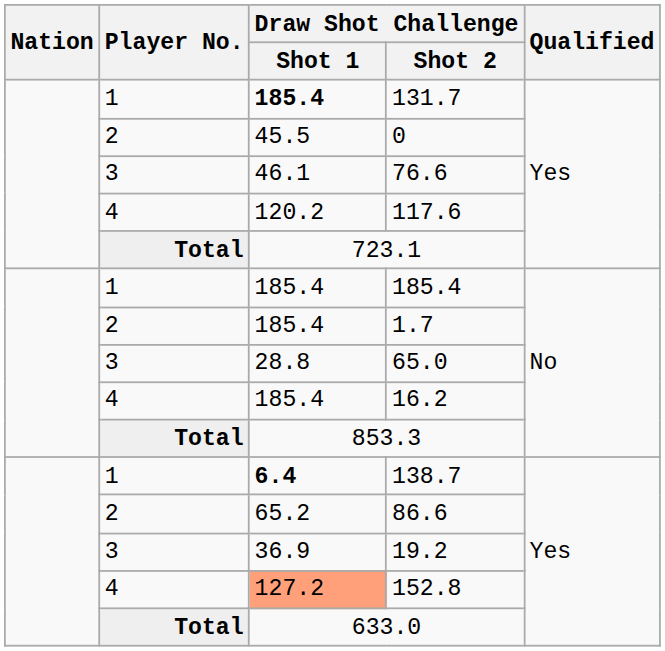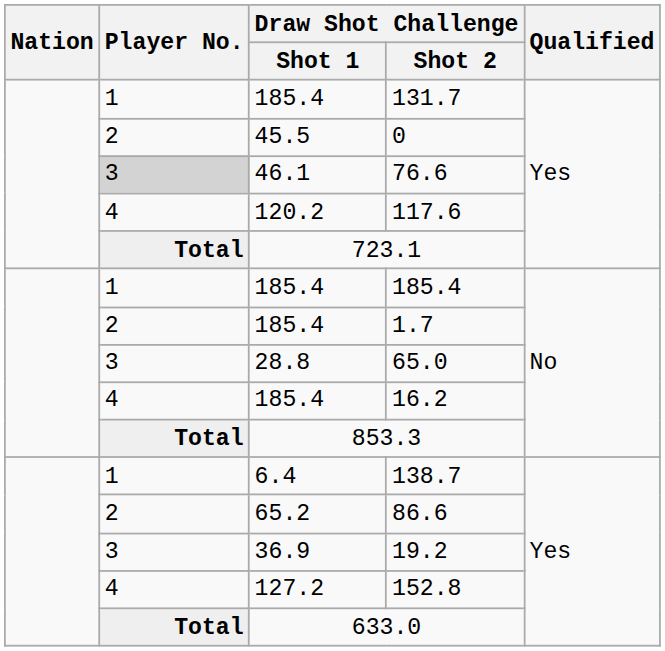 <table class="wikitable">
 <tr>
 <th rowspan=2>Nation</th>
 <th rowspan=2>Player No.</th>
 <th colspan=2>Draw Shot Challenge</th>
 <th rowspan=2>Qualified</th>
 </tr>
 <tr>
 <th>Shot 1</th>
 <th>Shot 2</th>
 </tr>
 <tr>
 <td rowspan=5></td>
 <td>1</td>
-<td><strong>185.4</strong></td>
+<td>185.4</td>
 <td>131.7</td>
 <td rowspan=5>Yes</td>
 </tr>
 <tr>
 <td>2</td>
 <td>45.5</td>
 <td>0</td>
 </tr>
 <tr>
-<td>3</td>
+<td style="background: lightgrey;">3</td>
 <td>46.1</td>
 <td>76.6</td>
 </tr>
 <tr>
 <td>4</td>
 <td>120.2</td>
 <td>117.6</td>
 </tr>
 <tr>
 <td align=right bgcolor=#efefef><strong>Total</strong></td>
 <td colspan=2 align=center>723.1</td>
 </tr>
 <tr>
 <td rowspan=5></td>
 <td>1</td>
 <td>185.4</td>
 <td>185.4</td>
 <td rowspan=5>No</td>
 </tr>
 <tr>
 <td>2</td>
 <td>185.4</td>
 <td>1.7</td>
 </tr>
 <tr>
 <td>3</td>
 <td>28.8</td>
 <td>65.0</td>
 </tr>
 <tr>
 <td>4</td>
 <td>185.4</td>
 <td>16.2</td>
 </tr>
 <tr>
 <td align=right bgcolor=#efefef><strong>Total</strong></td>
 <td colspan=2 align=center>853.3</td>
 </tr>
 <tr>
 <td rowspan=5></td>
 <td>1</td>
-<td><strong>6.4</strong></td>
+<td>6.4</td>
 <td>138.7</td>
 <td rowspan=5>Yes</td>
 </tr>
 <tr>
 <td>2</td>
 <td>65.2</td>
 <td>86.6</td>
 </tr>
 <tr>
 <td>3</td>
 <td>36.9</td>
 <td>19.2</td>
 </tr>
 <tr>
 <td>4</td>
-<td style="background: lightsalmon;">127.2</td>
+<td>127.2</td>
 <td>152.8</td>
 </tr>
 <tr>
 <td align=right bgcolor=#efefef><strong>Total</strong></td>
 <td colspan=2 align=center>633.0</td>
 </tr>
 </table>
